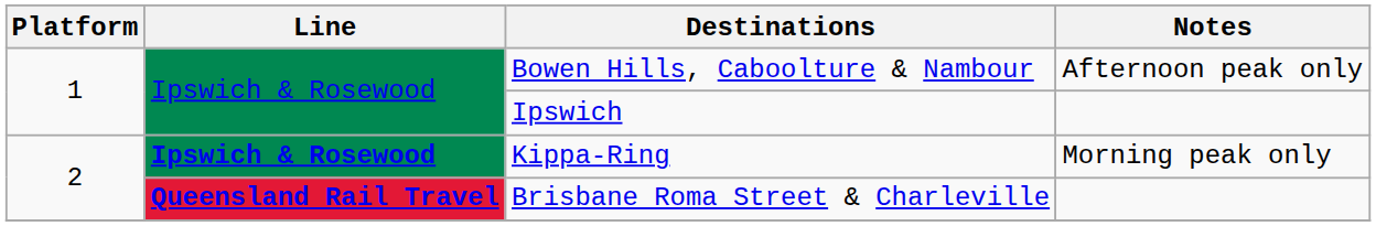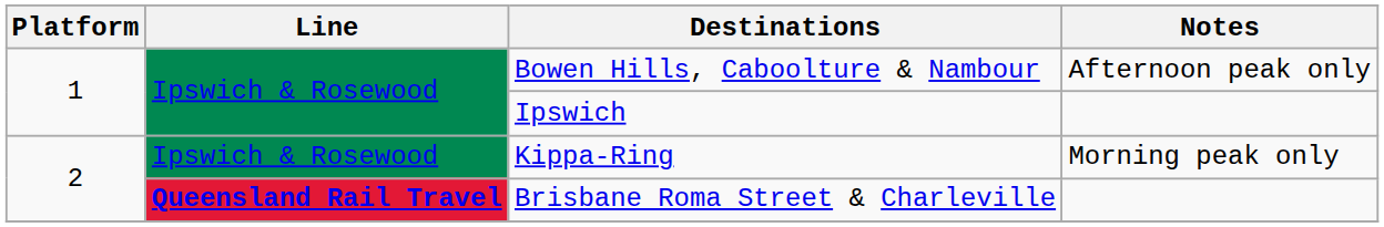 <table class="wikitable" style="float: none; margin: 0.5em; ">
 <tr>
 <th>Platform</th>
 <th>Line</th>
 <th>Destinations</th>
 <th>Notes</th>
 </tr>
 <tr>
 <td rowspan="2" style="text-align:center;">1</td>
 <td rowspan="2" style=background:#008851><a href='#'><span>Ipswich & Rosewood</span></a></td>
 <td><a href='#'>Bowen Hills</a>, <a href='#'>Caboolture</a> & <a href='#'>Nambour</a></td>
 <td>Afternoon peak only</td>
 </tr>
 <tr>
 <td><a href='#'>Ipswich</a></td>
 <td></td>
 </tr>
 <tr>
 <td rowspan="2" style="text-align:center;">2</td>
-<td rowspan="1" style=background:#008851><strong><a href='#'><span>Ipswich & Rosewood</span></a></strong></td>
+<td rowspan="1" style=background:#008851><a href='#'><span>Ipswich & Rosewood</span></a></td>
 <td><a href='#'>Kippa-Ring</a></td>
 <td>Morning peak only</td>
 </tr>
 <tr>
 <td style=background:#E31836><strong><a href='#'><span>Queensland Rail Travel</span></a></strong></td>
 <td><a href='#'>Brisbane Roma Street</a> & <a href='#'>Charleville</a></td>
 <td></td>
 </tr>
 <tr>
 </tr>
 </table>
